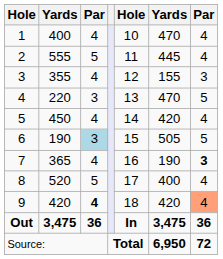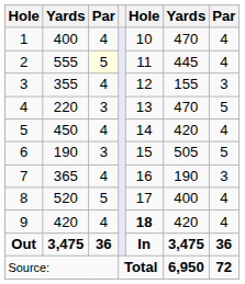 <table class=wikitable style="text-align: center">
 <tr>
 <th>Hole</th>
 <th>Yards</th>
 <th>Par</th>
 <th></th>
 <th>Hole</th>
 <th>Yards</th>
 <th>Par</th>
 </tr>
 <tr>
 <td>1</td>
 <td>400</td>
 <td>4</td>
 <td rowspan=10 style="background:#E6E8FA;"></td>
 <td>10</td>
 <td>470</td>
 <td>4</td>
 </tr>
 <tr>
 <td>2</td>
 <td>555</td>
-<td>5</td>
+<td style="background: lightyellow;">5</td>
 <td>11</td>
 <td>445</td>
 <td>4</td>
 </tr>
 <tr>
 <td>3</td>
 <td>355</td>
 <td>4</td>
 <td>12</td>
 <td>155</td>
 <td>3</td>
 </tr>
 <tr>
 <td>4</td>
 <td>220</td>
 <td>3</td>
 <td>13</td>
 <td>470</td>
 <td>5</td>
 </tr>
 <tr>
 <td>5</td>
 <td>450</td>
 <td>4</td>
 <td>14</td>
 <td>420</td>
 <td>4</td>
 </tr>
 <tr>
 <td>6</td>
 <td>190</td>
-<td style="background: lightblue;">3</td>
+<td>3</td>
 <td>15</td>
 <td>505</td>
 <td>5</td>
 </tr>
 <tr>
 <td>7</td>
 <td>365</td>
 <td>4</td>
 <td>16</td>
 <td>190</td>
-<td><strong>3</strong></td>
+<td>3</td>
 </tr>
 <tr>
 <td>8</td>
 <td>520</td>
 <td>5</td>
 <td>17</td>
 <td>400</td>
 <td>4</td>
 </tr>
 <tr>
 <td>9</td>
 <td>420</td>
-<td><strong>4</strong></td>
-<td>18</td>
+<td>4</td>
+<td><strong>18</strong></td>
 <td>420</td>
-<td style="background: lightsalmon;">4</td>
+<td>4</td>
 </tr>
 <tr>
 <td><strong>Out</strong></td>
 <td><strong>3,475</strong></td>
 <td><strong>36</strong></td>
 <td><strong>In</strong></td>
 <td><strong>3,475</strong></td>
 <td><strong>36</strong></td>
 </tr>
 <tr>
 <td colspan=3 align=left><small>Source:</small></td>
 <td colspan=2><strong>Total</strong></td>
 <td><strong>6,950</strong></td>
 <td><strong>72</strong></td>
 </tr>
 </table>
